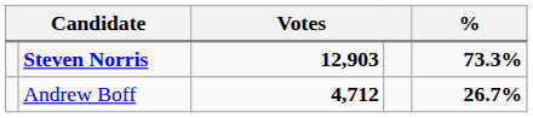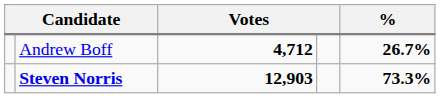 <table class="wikitable" style="font-size: 95%;">
 <tr>
 <th colspan="2" scope="col" rowspan="1" width="125">Candidate</th>
 <th scope="col" colspan="2" width="150">Votes</th>
 <th scope="col" colspan="1" width="75">%</th>
 </tr>
 <tr style="background-color:#E9E9E9; border-bottom: 2px solid gray;">
 </tr>
 <tr align="right">
 <td style="background-color: "></td>
+<td scope="row" align="left"><a href='#'>Andrew Boff</a></td>
+<td><strong>4,712</strong></td>
+<td align=center></td>
+<td><strong>26.7%</strong></td>
+</tr>
+<tr align="right">
+<td style="background-color: "></td>
 <td scope="row" align="left"><strong><a href='#'>Steven Norris</a></strong> </td>
 <td><strong>12,903</strong></td>
 <td align=center></td>
 <td><strong>73.3%</strong></td>
 </tr>
-<tr align="right">
-<td style="background-color: "></td>
-<td scope="row" align="left"><a href='#'>Andrew Boff</a></td>
-<td><strong>4,712</strong></td>
-<td align=center></td>
-<td><strong>26.7%</strong></td>
-</tr>
 </table>
